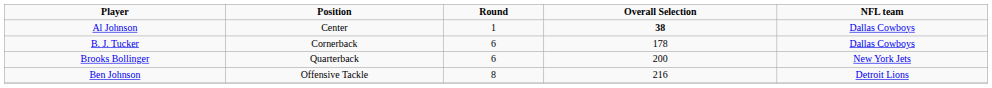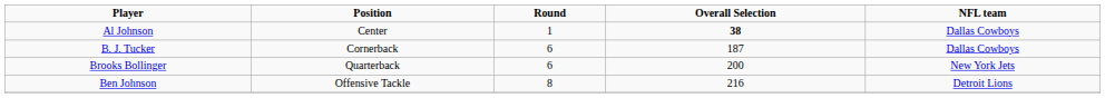 <table class="wikitable" width="80%">
 <tr align="center">
 <td><strong>Player</strong></td>
 <td><strong>Position</strong></td>
 <td><strong>Round</strong></td>
 <td><strong>Overall Selection</strong></td>
 <td><strong>NFL team</strong></td>
 </tr>
 <tr align="center" bgcolor="">
 <td><a href='#'>Al Johnson</a></td>
 <td>Center</td>
 <td>1</td>
 <td><strong>38</strong></td>
 <td><a href='#'>Dallas Cowboys</a></td>
 </tr>
 <tr align="center" bgcolor="">
 <td><a href='#'>B. J. Tucker</a></td>
 <td>Cornerback</td>
 <td>6</td>
-<td>178</td>
+<td>187</td>
 <td><a href='#'>Dallas Cowboys</a></td>
 </tr>
 <tr align="center" bgcolor="">
 <td><a href='#'>Brooks Bollinger</a></td>
 <td>Quarterback</td>
 <td>6</td>
 <td>200</td>
 <td><a href='#'>New York Jets</a></td>
 </tr>
 <tr align="center" bgcolor="">
 <td><a href='#'>Ben Johnson</a></td>
 <td>Offensive Tackle</td>
 <td>8</td>
 <td>216</td>
 <td><a href='#'>Detroit Lions</a></td>
 </tr>
 <tr align="center" bgcolor="">
 </tr>
 </table>
